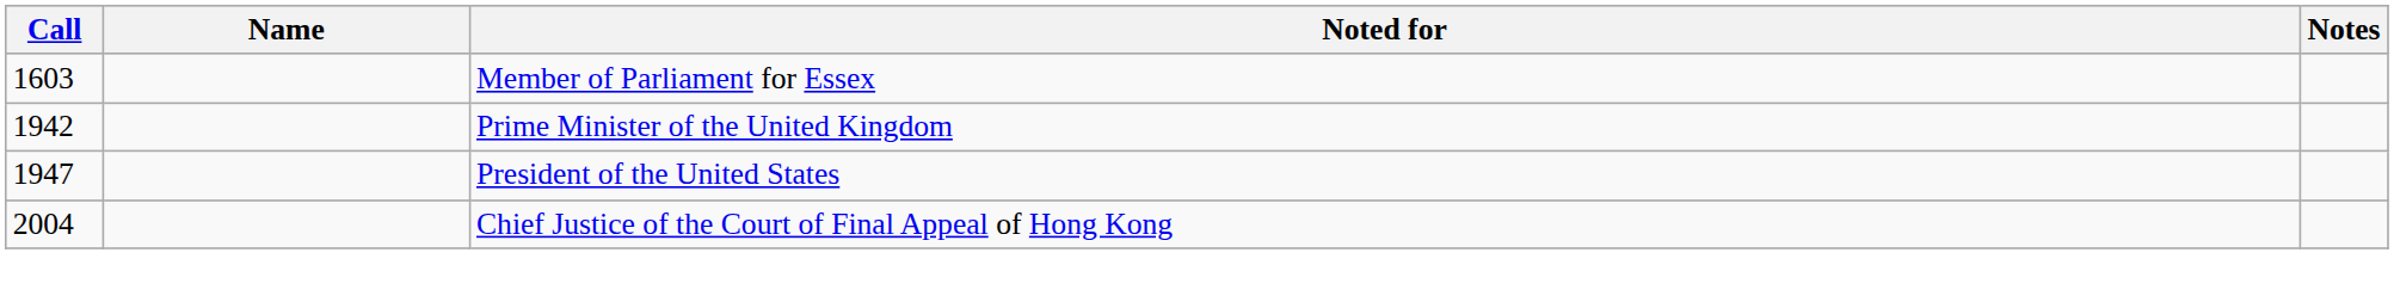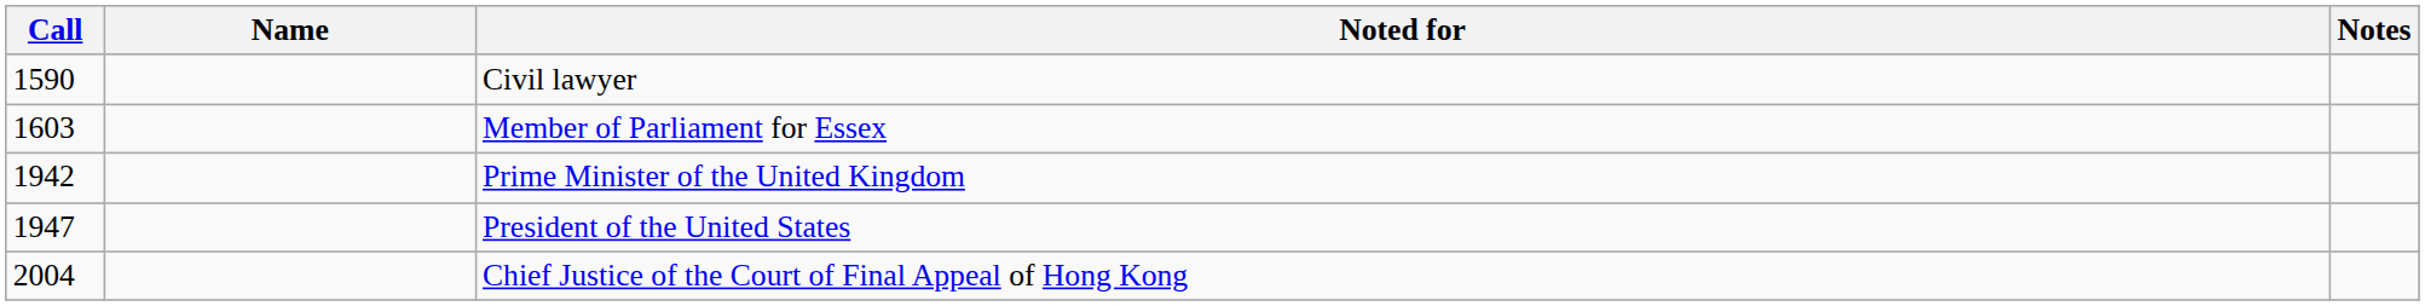 <table class="wikitable sortable" border="1" style="align:left;">
 <tr>
 <th width="4%"><a href='#'>Call</a></th>
 <th width="15%">Name</th>
 <th width="75%" class="unsortable">Noted for</th>
 <th width="2%" class="unsortable">Notes</th>
+</tr>
+<tr>
+<td>1590</td>
+<td></td>
+<td>Civil lawyer</td>
+<td></td>
 </tr>
 <tr>
 <td>1603</td>
 <td></td>
 <td><a href='#'>Member of Parliament</a> for <a href='#'>Essex</a></td>
 <td></td>
 </tr>
 <tr>
 <td>1942</td>
 <td></td>
 <td><a href='#'>Prime Minister of the United Kingdom</a></td>
 <td></td>
 </tr>
 <tr>
 <td>1947</td>
 <td></td>
 <td><a href='#'>President of the United States</a></td>
 <td></td>
 </tr>
 <tr>
 <td>2004</td>
 <td></td>
 <td><a href='#'>Chief Justice of the Court of Final Appeal</a> of <a href='#'>Hong Kong</a></td>
 <td></td>
 </tr>
 </table>
